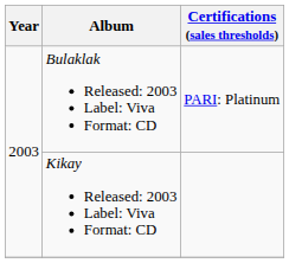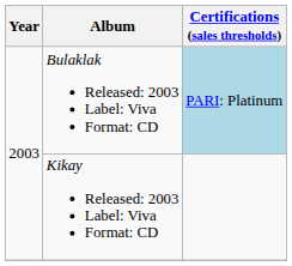 <table class="wikitable">
 <tr>
 <th>Year</th>
 <th>Album</th>
 <th><a href='#'>Certifications</a><br><small>(<a href='#'>sales thresholds</a>)</small></th>
 </tr>
 <tr>
 <td rowspan='2'>2003</td>
 <td><em>Bulaklak</em><br><ul><li>Released: 2003</li><li>Label: Viva</li><li>Format: CD</li></ul></td>
-<td><a href='#'>PARI</a>: Platinum</td>
+<td style="background: lightblue;"><a href='#'>PARI</a>: Platinum</td>
 </tr>
 <tr>
 <td><em>Kikay</em><br><ul><li>Released: 2003</li><li>Label: Viva</li><li>Format: CD</li></ul></td>
 <td></td>
 </tr>
 <tr>
 </tr>
 </table>
